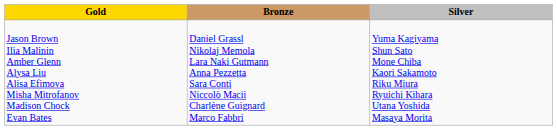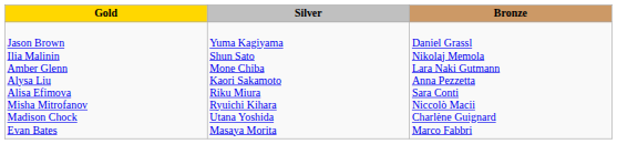 <table class="wikitable unsortable" style="text-align:left; width:70%">
 <tr>
 <th scope="col" style="text-align:center; width:30%; background:gold">Gold</th>
+<th scope="col" style="text-align:center; width:30%; background:silver">Silver</th>
 <th scope="col" style="text-align:center; width:30%; background:#c96">Bronze</th>
-<th scope="col" style="text-align:center; width:30%; background:silver">Silver</th>
 </tr>
 <tr>
 <td><br><a href='#'>Jason Brown</a><br><a href='#'>Ilia Malinin</a><br><a href='#'>Amber Glenn</a><br><a href='#'>Alysa Liu</a><br><a href='#'>Alisa Efimova</a><br><a href='#'>Misha Mitrofanov</a><br><a href='#'>Madison Chock</a><br><a href='#'>Evan Bates</a></td>
+<td><br><a href='#'>Yuma Kagiyama</a><br><a href='#'>Shun Sato</a><br><a href='#'>Mone Chiba</a><br><a href='#'>Kaori Sakamoto</a><br><a href='#'>Riku Miura</a><br><a href='#'>Ryuichi Kihara</a><br><a href='#'>Utana Yoshida</a><br><a href='#'>Masaya Morita</a></td>
 <td><br><a href='#'>Daniel Grassl</a><br><a href='#'>Nikolaj Memola</a><br><a href='#'>Lara Naki Gutmann</a><br><a href='#'>Anna Pezzetta</a><br><a href='#'>Sara Conti</a><br><a href='#'>Niccolò Macii</a><br><a href='#'>Charlène Guignard</a><br><a href='#'>Marco Fabbri</a></td>
-<td><br><a href='#'>Yuma Kagiyama</a><br><a href='#'>Shun Sato</a><br><a href='#'>Mone Chiba</a><br><a href='#'>Kaori Sakamoto</a><br><a href='#'>Riku Miura</a><br><a href='#'>Ryuichi Kihara</a><br><a href='#'>Utana Yoshida</a><br><a href='#'>Masaya Morita</a></td>
 </tr>
 </table>
